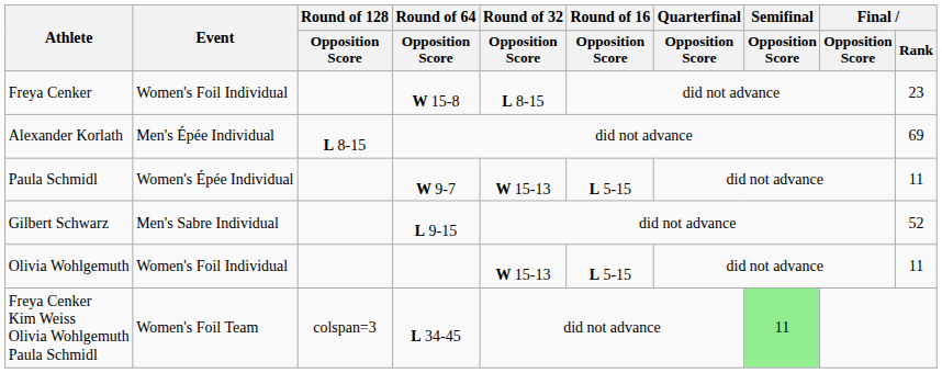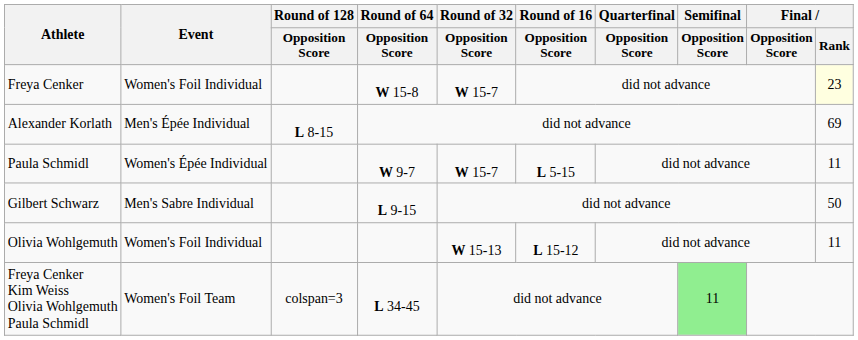 <table class="wikitable" style="font-size:90%">
 <tr>
 <th rowspan=2>Athlete</th>
 <th rowspan=2>Event</th>
 <th>Round of 128</th>
 <th>Round of 64</th>
 <th>Round of 32</th>
 <th>Round of 16</th>
 <th>Quarterfinal</th>
 <th>Semifinal</th>
 <th colspan=2>Final / </th>
 </tr>
 <tr style="font-size:95%">
 <th>Opposition<br>Score</th>
 <th>Opposition<br>Score</th>
 <th>Opposition<br>Score</th>
 <th>Opposition<br>Score</th>
 <th>Opposition<br>Score</th>
 <th>Opposition<br>Score</th>
 <th>Opposition<br>Score</th>
 <th>Rank</th>
 </tr>
 <tr align=center>
 <td align=left>Freya Cenker</td>
 <td align=left>Women's Foil Individual</td>
 <td></td>
 <td><br><strong>W</strong> 15-8</td>
-<td><br><strong>L</strong> 8-15</td>
+<td><br><strong>W</strong> 15-7</td>
 <td colspan=4>did not advance</td>
-<td>23</td>
+<td style="background: lightyellow;">23</td>
 </tr>
 <tr align=center>
 <td align=left>Alexander Korlath</td>
 <td align=left>Men's Épée Individual</td>
 <td><br><strong>L</strong> 8-15</td>
 <td colspan=6>did not advance</td>
 <td>69</td>
 </tr>
 <tr align=center>
 <td align=left>Paula Schmidl</td>
 <td align=left>Women's Épée Individual</td>
 <td></td>
 <td><br><strong>W</strong> 9-7</td>
-<td><br><strong>W</strong> 15-13</td>
+<td><br><strong>W</strong> 15-7</td>
 <td><br><strong>L</strong> 5-15</td>
 <td colspan=3>did not advance</td>
 <td>11</td>
 </tr>
 <tr align=center>
 <td align=left>Gilbert Schwarz</td>
 <td align=left>Men's Sabre Individual</td>
 <td></td>
 <td><br><strong>L</strong> 9-15</td>
 <td colspan=5>did not advance</td>
-<td>52</td>
+<td>50</td>
 </tr>
 <tr align=center>
 <td align=left>Olivia Wohlgemuth</td>
 <td align=left>Women's Foil Individual</td>
 <td></td>
 <td></td>
 <td><br><strong>W</strong> 15-13</td>
-<td><br><strong>L</strong> 5-15</td>
+<td><br><strong>L</strong> 15-12</td>
 <td colspan=3>did not advance</td>
 <td>11</td>
 </tr>
 <tr align=center>
 <td align=left>Freya Cenker<br>Kim Weiss<br>Olivia Wohlgemuth<br>Paula Schmidl</td>
 <td align=left>Women's Foil Team</td>
 <td>colspan=3 </td>
 <td><br><strong>L</strong> 34-45</td>
 <td colspan=3>did not advance</td>
 <td style="background: lightgreen;">11</td>
 </tr>
 </table>
